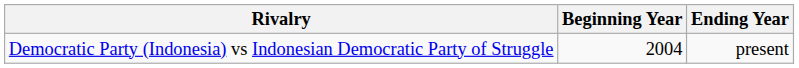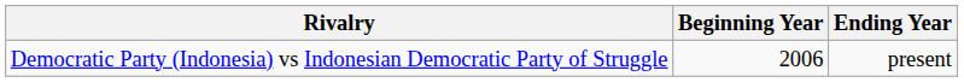 <table class="wikitable sortable">
 <tr>
 <th>Rivalry</th>
 <th>Beginning Year</th>
 <th>Ending Year</th>
 </tr>
 <tr>
 <td><a href='#'>Democratic Party (Indonesia)</a> vs <a href='#'>Indonesian Democratic Party of Struggle</a></td>
-<td style="text-align:right;">2004</td>
+<td style="text-align:right;">2006</td>
 <td style="text-align:right;">present</td>
 </tr>
 </table>
